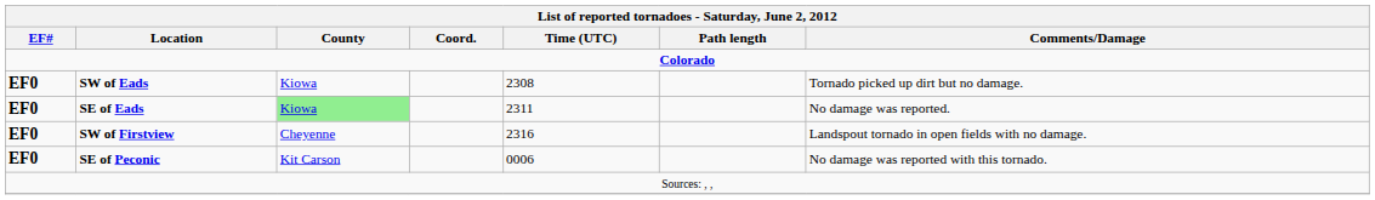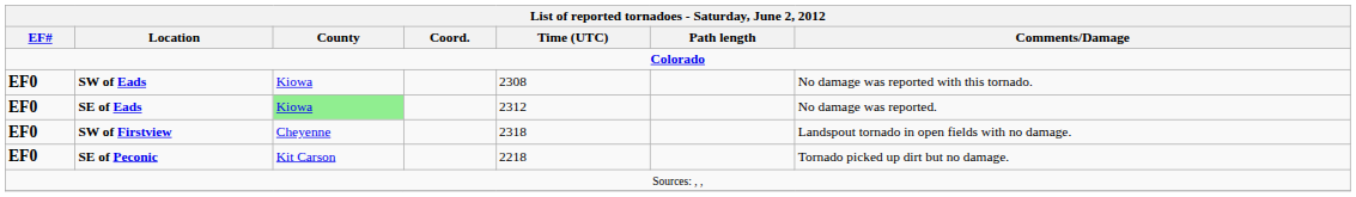 <table class="wikitable collapsible" width="100%">
 <tr>
 <th colspan="7">List of reported tornadoes - Saturday, June 2, 2012</th>
 </tr>
 <tr>
 <th><a href='#'>EF#</a></th>
 <th>Location</th>
 <th>County</th>
 <th>Coord.</th>
 <th>Time (UTC)</th>
 <th>Path length</th>
 <th>Comments/Damage</th>
 </tr>
 <tr>
 <td colspan="7" align=center><strong><a href='#'>Colorado</a></strong></td>
 </tr>
 <tr>
 <td><big><strong>EF0</strong></big></td>
 <td><strong>SW of <a href='#'>Eads</a></strong></td>
 <td><a href='#'>Kiowa</a></td>
 <td></td>
 <td>2308</td>
 <td></td>
-<td>Tornado picked up dirt but no damage.</td>
+<td>No damage was reported with this tornado.</td>
 </tr>
 <tr>
 <td><big><strong>EF0</strong></big></td>
 <td><strong>SE of <a href='#'>Eads</a></strong></td>
 <td style="background: lightgreen;"><a href='#'>Kiowa</a></td>
 <td></td>
-<td>2311</td>
+<td>2312</td>
 <td></td>
 <td>No damage was reported.</td>
 </tr>
 <tr>
 <td><big><strong>EF0</strong></big></td>
 <td><strong>SW of <a href='#'>Firstview</a></strong></td>
 <td><a href='#'>Cheyenne</a></td>
 <td></td>
-<td>2316</td>
+<td>2318</td>
 <td></td>
 <td>Landspout tornado in open fields with no damage.</td>
 </tr>
 <tr>
 <td><big><strong>EF0</strong></big></td>
 <td><strong>SE of <a href='#'>Peconic</a></strong></td>
 <td><a href='#'>Kit Carson</a></td>
 <td></td>
-<td>0006</td>
+<td>2218</td>
 <td></td>
-<td>No damage was reported with this tornado.</td>
+<td>Tornado picked up dirt but no damage.</td>
 </tr>
 <tr>
 <td colspan="7" align=center><small>Sources: , , </small></td>
 </tr>
 <tr>
 </tr>
 </table>
